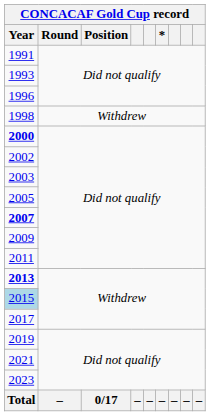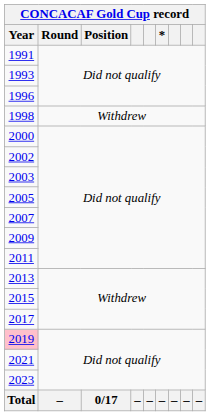 <table class="wikitable" style="text-align: center;">
 <tr>
 <th colspan=10><a href='#'>CONCACAF Gold Cup</a> record</th>
 </tr>
 <tr>
 <th>Year</th>
 <th>Round</th>
 <th>Position</th>
 <th></th>
 <th></th>
 <th>*</th>
 <th></th>
 <th></th>
 <th></th>
 </tr>
 <tr>
 <td> <a href='#'>1991</a></td>
 <td colspan=8 rowspan=3><em>Did not qualify</em></td>
 </tr>
 <tr>
 <td>  <a href='#'>1993</a></td>
 </tr>
 <tr>
 <td> <a href='#'>1996</a></td>
 </tr>
 <tr>
 <td> <a href='#'>1998</a></td>
 <td colspan=8><em>Withdrew</em></td>
 </tr>
 <tr>
-<td><strong> <a href='#'>2000</a></strong></td>
+<td> <a href='#'>2000</a></td>
 <td colspan=8 rowspan=7><em>Did not qualify</em></td>
 </tr>
 <tr>
 <td> <a href='#'>2002</a></td>
 </tr>
 <tr>
 <td>  <a href='#'>2003</a></td>
 </tr>
 <tr>
 <td> <a href='#'>2005</a></td>
 </tr>
 <tr>
-<td><strong> <a href='#'>2007</a></strong></td>
+<td> <a href='#'>2007</a></td>
 </tr>
 <tr>
 <td> <a href='#'>2009</a></td>
 </tr>
 <tr>
 <td> <a href='#'>2011</a></td>
 </tr>
 <tr>
-<td><strong> <a href='#'>2013</a></strong></td>
+<td> <a href='#'>2013</a></td>
 <td colspan=8 rowspan=3><em>Withdrew</em></td>
 </tr>
 <tr>
-<td style="background: lightblue;">  <a href='#'>2015</a></td>
+<td>  <a href='#'>2015</a></td>
 </tr>
 <tr>
 <td> <a href='#'>2017</a></td>
 </tr>
 <tr>
-<td>   <a href='#'>2019</a></td>
+<td style="background: pink;">   <a href='#'>2019</a></td>
 <td colspan=8 rowspan=3><em>Did not qualify</em></td>
 </tr>
 <tr>
 <td> <a href='#'>2021</a></td>
 </tr>
 <tr>
 <td>  <a href='#'>2023</a></td>
 </tr>
 <tr>
 <th>Total</th>
 <th>–</th>
 <th>0/17</th>
 <th>–</th>
 <th>–</th>
 <th>–</th>
 <th>–</th>
 <th>–</th>
 <th>–</th>
 </tr>
 </table>
